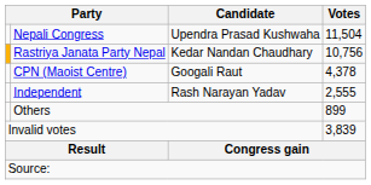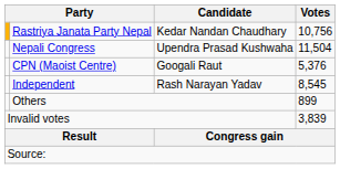 <table class="wikitable">
 <tr>
 <th colspan="2">Party</th>
 <th>Candidate</th>
 <th>Votes</th>
-</tr>
-<tr>
-<td style="background-color:"></td>
-<td><a href='#'>Nepali Congress</a></td>
-<td>Upendra Prasad Kushwaha</td>
-<td>11,504</td>
 </tr>
 <tr>
 <td style="background-color:#ffb300"></td>
 <td><a href='#'>Rastriya Janata Party Nepal</a></td>
 <td>Kedar Nandan Chaudhary</td>
 <td>10,756</td>
 </tr>
 <tr>
 <td style="background-color:"></td>
+<td><a href='#'>Nepali Congress</a></td>
+<td>Upendra Prasad Kushwaha</td>
+<td>11,504</td>
+</tr>
+<tr>
+<td style="background-color:"></td>
 <td><a href='#'>CPN (Maoist Centre)</a></td>
 <td>Googali Raut</td>
-<td>4,378</td>
+<td>5,376</td>
 </tr>
 <tr>
 <td style="background-color:"></td>
 <td><a href='#'>Independent</a></td>
 <td>Rash Narayan Yadav</td>
-<td>2,555</td>
+<td>8,545</td>
 </tr>
 <tr>
 <td></td>
 <td colspan="2">Others</td>
 <td>899</td>
 </tr>
 <tr>
 <td colspan="3">Invalid votes</td>
 <td>3,839</td>
 </tr>
 <tr>
 <th colspan="2">Result</th>
 <th colspan="2">Congress gain</th>
 </tr>
 <tr>
 <td colspan="4">Source: </td>
 </tr>
 </table>
